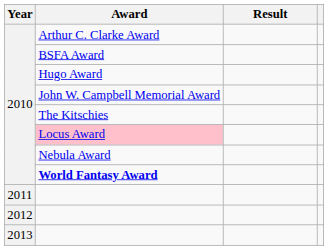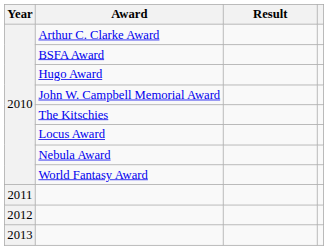 <table class="wikitable sortable">
 <tr>
 <th scope=col>Year</th>
 <th scope=col>Award</th>
 <th scope=col style="min-width: 7em">Result</th>
 <th scope=col class=unsortable></th>
 </tr>
 <tr>
 <th scope=rowgroup style="font-weight: normal" rowspan=8>2010</th>
 <td><a href='#'>Arthur C. Clarke Award</a></td>
 <td></td>
 <td align=center></td>
 </tr>
 <tr>
 <td><a href='#'>BSFA Award</a></td>
 <td></td>
 <td align=center></td>
 </tr>
 <tr>
 <td><a href='#'>Hugo Award</a></td>
 <td></td>
 <td align=center></td>
 </tr>
 <tr>
 <td><a href='#'>John W. Campbell Memorial Award</a></td>
 <td></td>
 <td align=center></td>
 </tr>
 <tr>
 <td><a href='#'>The Kitschies</a></td>
 <td></td>
 <td align=center></td>
 </tr>
 <tr>
-<td style="background: pink;"><a href='#'>Locus Award</a></td>
+<td><a href='#'>Locus Award</a></td>
 <td></td>
 <td align=center></td>
 </tr>
 <tr>
 <td><a href='#'>Nebula Award</a></td>
 <td></td>
 <td align=center></td>
 </tr>
 <tr>
-<td><strong><a href='#'>World Fantasy Award</a></strong></td>
+<td><a href='#'>World Fantasy Award</a></td>
 <td></td>
 <td align=center></td>
 </tr>
 <tr>
 <th style="font-weight: normal">2011</th>
 <td></td>
 <td></td>
 <td align=center></td>
 </tr>
 <tr>
 <th scope=row style="font-weight: normal">2012</th>
 <td></td>
 <td></td>
 <td align=center></td>
 </tr>
 <tr>
 <th scope=row style="font-weight: normal">2013</th>
 <td></td>
 <td></td>
 <td align=center></td>
 </tr>
 </table>
